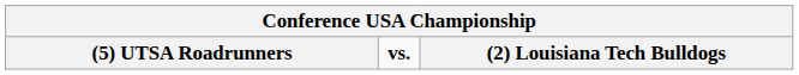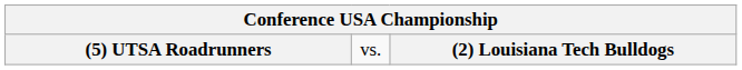 <table class="wikitable">
 <tr>
 <th style="width: 604px;" colspan=3>Conference USA Championship</th>
 </tr>
 <tr>
 <th style="width: 289px; ">(5) UTSA Roadrunners</th>
-<td style="width: 25px; text-align:center"><strong>vs.</strong></td>
+<td style="width: 25px; text-align:center">vs.</td>
 <th style="width: 289px; ">(2) Louisiana Tech Bulldogs</th>
 </tr>
 </table>
